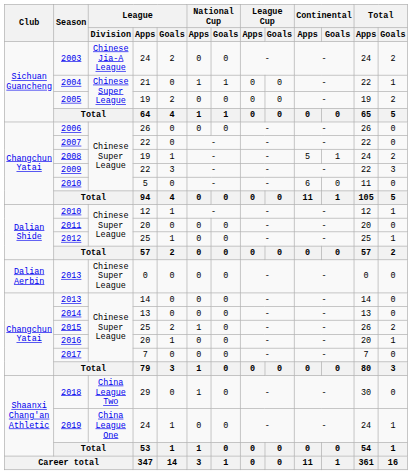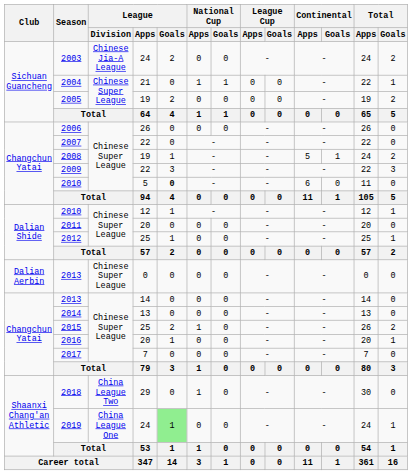 <table class="wikitable" style="text-align: center">
 <tr>
 <th rowspan="2">Club</th>
 <th rowspan="2">Season</th>
 <th colspan="3">League</th>
 <th colspan="2">National Cup</th>
 <th colspan="2">League Cup</th>
 <th colspan="2">Continental</th>
 <th colspan="2">Total</th>
 </tr>
 <tr>
 <th>Division</th>
 <th>Apps</th>
 <th>Goals</th>
 <th>Apps</th>
 <th>Goals</th>
 <th>Apps</th>
 <th>Goals</th>
 <th>Apps</th>
 <th>Goals</th>
 <th>Apps</th>
 <th>Goals</th>
 </tr>
 <tr>
 <td rowspan=4><a href='#'>Sichuan Guancheng</a></td>
 <td><a href='#'>2003</a></td>
 <td><a href='#'>Chinese Jia-A League</a></td>
 <td>24</td>
 <td>2</td>
 <td>0</td>
 <td>0</td>
 <td colspan="2">-</td>
 <td colspan="2">-</td>
 <td>24</td>
 <td>2</td>
 </tr>
 <tr>
 <td><a href='#'>2004</a></td>
 <td rowspan=2><a href='#'>Chinese Super League</a></td>
 <td>21</td>
 <td>0</td>
 <td>1</td>
 <td>1</td>
 <td>0</td>
 <td>0</td>
 <td colspan="2">-</td>
 <td>22</td>
 <td>1</td>
 </tr>
 <tr>
 <td><a href='#'>2005</a></td>
 <td>19</td>
 <td>2</td>
 <td>0</td>
 <td>0</td>
 <td>0</td>
 <td>0</td>
 <td colspan="2">-</td>
 <td>19</td>
 <td>2</td>
 </tr>
 <tr>
 <th colspan="2"><strong>Total</strong></th>
 <th>64</th>
 <th>4</th>
 <th>1</th>
 <th>1</th>
 <th>0</th>
 <th>0</th>
 <th>0</th>
 <th>0</th>
 <th>65</th>
 <th>5</th>
 </tr>
 <tr>
 <td rowspan=6><a href='#'>Changchun Yatai</a></td>
 <td><a href='#'>2006</a></td>
 <td rowspan=5>Chinese Super League</td>
 <td>26</td>
 <td>0</td>
 <td>0</td>
 <td>0</td>
 <td colspan="2">-</td>
 <td colspan="2">-</td>
 <td>26</td>
 <td>0</td>
 </tr>
 <tr>
 <td><a href='#'>2007</a></td>
 <td>22</td>
 <td>0</td>
 <td colspan="2">-</td>
 <td colspan="2">-</td>
 <td colspan="2">-</td>
 <td>22</td>
 <td>0</td>
 </tr>
 <tr>
 <td><a href='#'>2008</a></td>
 <td>19</td>
 <td>1</td>
 <td colspan="2">-</td>
 <td colspan="2">-</td>
 <td>5</td>
 <td>1</td>
 <td>24</td>
 <td>2</td>
 </tr>
 <tr>
 <td><a href='#'>2009</a></td>
 <td>22</td>
 <td>3</td>
 <td colspan="2">-</td>
 <td colspan="2">-</td>
 <td colspan="2">-</td>
 <td>22</td>
 <td>3</td>
 </tr>
 <tr>
 <td><a href='#'>2010</a></td>
 <td>5</td>
-<td>0</td>
+<td><strong>0</strong></td>
 <td colspan="2">-</td>
 <td colspan="2">-</td>
 <td>6</td>
 <td>0</td>
 <td>11</td>
 <td>0</td>
 </tr>
 <tr>
 <th colspan="2"><strong>Total</strong></th>
 <th>94</th>
 <th>4</th>
 <th>0</th>
 <th>0</th>
 <th>0</th>
 <th>0</th>
 <th>11</th>
 <th>1</th>
 <th>105</th>
 <th>5</th>
 </tr>
 <tr>
 <td rowspan=4><a href='#'>Dalian Shide</a></td>
 <td><a href='#'>2010</a></td>
 <td rowspan=3>Chinese Super League</td>
 <td>12</td>
 <td>1</td>
 <td colspan="2">-</td>
 <td colspan="2">-</td>
 <td colspan="2">-</td>
 <td>12</td>
 <td>1</td>
 </tr>
 <tr>
 <td><a href='#'>2011</a></td>
 <td>20</td>
 <td>0</td>
 <td>0</td>
 <td>0</td>
 <td colspan="2">-</td>
 <td colspan="2">-</td>
 <td>20</td>
 <td>0</td>
 </tr>
 <tr>
 <td><a href='#'>2012</a></td>
 <td>25</td>
 <td>1</td>
 <td>0</td>
 <td>0</td>
 <td colspan="2">-</td>
 <td colspan="2">-</td>
 <td>25</td>
 <td>1</td>
 </tr>
 <tr>
 <th colspan="2"><strong>Total</strong></th>
 <th>57</th>
 <th>2</th>
 <th>0</th>
 <th>0</th>
 <th>0</th>
 <th>0</th>
 <th>0</th>
 <th>0</th>
 <th>57</th>
 <th>2</th>
 </tr>
 <tr>
 <td><a href='#'>Dalian Aerbin</a></td>
 <td><a href='#'>2013</a></td>
 <td>Chinese Super League</td>
 <td>0</td>
 <td>0</td>
 <td>0</td>
 <td>0</td>
 <td colspan="2">-</td>
 <td colspan="2">-</td>
 <td>0</td>
 <td>0</td>
 </tr>
 <tr>
 <td rowspan=6><a href='#'>Changchun Yatai</a></td>
 <td><a href='#'>2013</a></td>
 <td rowspan=5>Chinese Super League</td>
 <td>14</td>
 <td>0</td>
 <td>0</td>
 <td>0</td>
 <td colspan="2">-</td>
 <td colspan="2">-</td>
 <td>14</td>
 <td>0</td>
 </tr>
 <tr>
 <td><a href='#'>2014</a></td>
 <td>13</td>
 <td>0</td>
 <td>0</td>
 <td>0</td>
 <td colspan="2">-</td>
 <td colspan="2">-</td>
 <td>13</td>
 <td>0</td>
 </tr>
 <tr>
 <td><a href='#'>2015</a></td>
 <td>25</td>
 <td>2</td>
 <td>1</td>
 <td>0</td>
 <td colspan="2">-</td>
 <td colspan="2">-</td>
 <td>26</td>
 <td>2</td>
 </tr>
 <tr>
 <td><a href='#'>2016</a></td>
 <td>20</td>
 <td>1</td>
 <td>0</td>
 <td>0</td>
 <td colspan="2">-</td>
 <td colspan="2">-</td>
 <td>20</td>
 <td>1</td>
 </tr>
 <tr>
 <td><a href='#'>2017</a></td>
 <td>7</td>
 <td>0</td>
 <td>0</td>
 <td>0</td>
 <td colspan="2">-</td>
 <td colspan="2">-</td>
 <td>7</td>
 <td>0</td>
 </tr>
 <tr>
 <th colspan="2"><strong>Total</strong></th>
 <th>79</th>
 <th>3</th>
 <th>1</th>
 <th>0</th>
 <th>0</th>
 <th>0</th>
 <th>0</th>
 <th>0</th>
 <th>80</th>
 <th>3</th>
 </tr>
 <tr>
 <td rowspan=3><a href='#'>Shaanxi Chang'an Athletic</a></td>
 <td><a href='#'>2018</a></td>
 <td><a href='#'>China League Two</a></td>
 <td>29</td>
 <td>0</td>
 <td>1</td>
 <td>0</td>
 <td colspan="2">-</td>
 <td colspan="2">-</td>
 <td>30</td>
 <td>0</td>
 </tr>
 <tr>
 <td><a href='#'>2019</a></td>
 <td><a href='#'>China League One</a></td>
 <td>24</td>
-<td>1</td>
+<td style="background: lightgreen;">1</td>
 <td>0</td>
 <td>0</td>
 <td colspan="2">-</td>
 <td colspan="2">-</td>
 <td>24</td>
 <td>1</td>
 </tr>
 <tr>
 <th colspan="2"><strong>Total</strong></th>
 <th>53</th>
 <th>1</th>
 <th>1</th>
 <th>0</th>
 <th>0</th>
 <th>0</th>
 <th>0</th>
 <th>0</th>
 <th>54</th>
 <th>1</th>
 </tr>
 <tr>
 <th colspan=3>Career total</th>
 <th>347</th>
 <th>14</th>
 <th>3</th>
 <th>1</th>
 <th>0</th>
 <th>0</th>
 <th>11</th>
 <th>1</th>
 <th>361</th>
 <th>16</th>
 </tr>
 </table>
